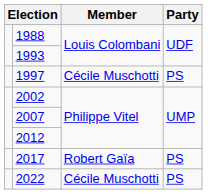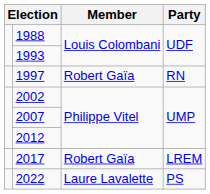 <table class="wikitable">
 <tr>
 <th colspan=2>Election</th>
 <th>Member</th>
 <th>Party</th>
 </tr>
 <tr>
 <td rowspan="2" style="background-color: "></td>
 <td><a href='#'>1988</a></td>
 <td rowspan="2"><a href='#'>Louis Colombani</a></td>
 <td rowspan="2"><a href='#'>UDF</a></td>
 </tr>
 <tr>
 <td><a href='#'>1993</a></td>
 </tr>
 <tr>
 <td style="background-color: "></td>
 <td><a href='#'>1997</a></td>
-<td><a href='#'>Cécile Muschotti</a></td>
-<td><a href='#'>PS</a></td>
+<td><a href='#'>Robert Gaïa</a></td>
+<td><a href='#'>RN</a></td>
 </tr>
 <tr>
 <td rowspan="3" style="background-color: "></td>
 <td><a href='#'>2002</a></td>
 <td rowspan="3"><a href='#'>Philippe Vitel</a></td>
 <td rowspan="3"><a href='#'>UMP</a></td>
 </tr>
 <tr>
 <td><a href='#'>2007</a></td>
 </tr>
 <tr>
 <td><a href='#'>2012</a></td>
 </tr>
 <tr>
 <td style="background-color: "></td>
 <td><a href='#'>2017</a></td>
 <td><a href='#'>Robert Gaïa</a></td>
-<td><a href='#'>PS</a></td>
+<td><a href='#'>LREM</a></td>
 </tr>
 <tr>
 <td style="background-color: "></td>
 <td><a href='#'>2022</a></td>
-<td><a href='#'>Cécile Muschotti</a></td>
+<td><a href='#'>Laure Lavalette</a></td>
 <td><a href='#'>PS</a></td>
 </tr>
 </table>
